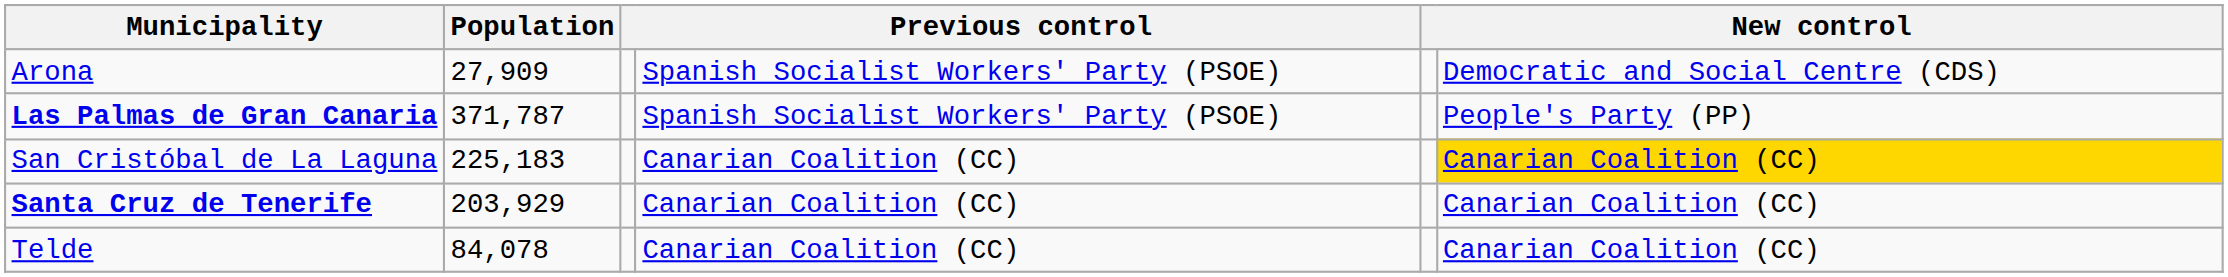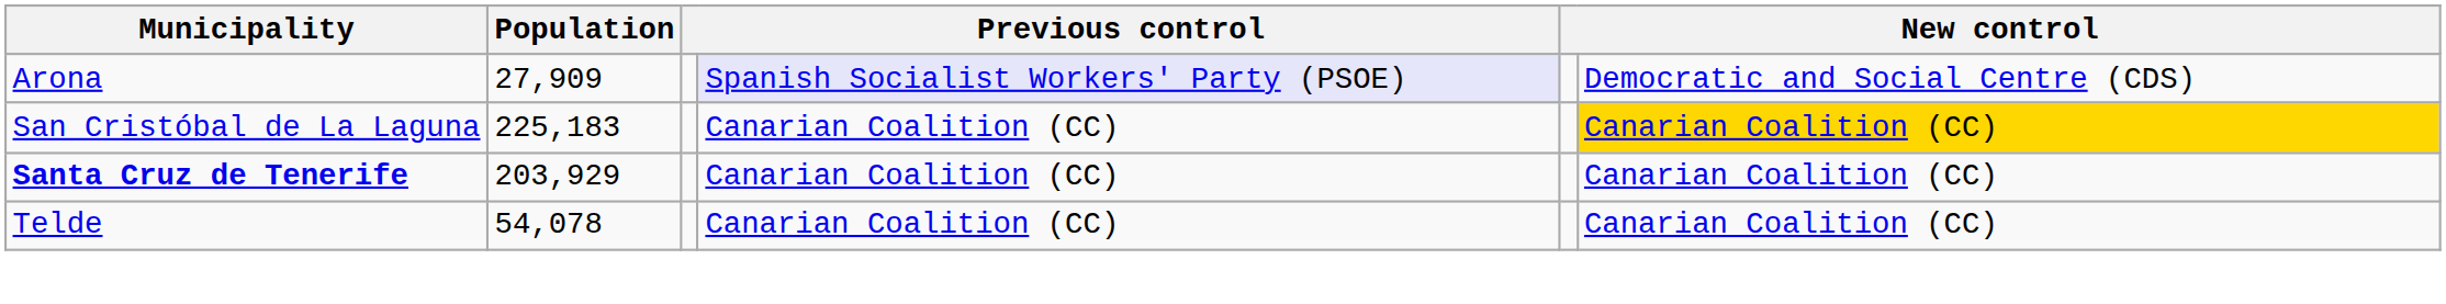 <table class="wikitable sortable">
 <tr>
 <th>Municipality</th>
 <th>Population</th>
 <th colspan="2" style="width:375px;">Previous control</th>
 <th colspan="2" style="width:375px;">New control</th>
 </tr>
 <tr>
 <td><a href='#'>Arona</a></td>
 <td>27,909</td>
 <td width="1" style="color:inherit;background:"></td>
-<td><a href='#'>Spanish Socialist Workers' Party</a> (PSOE)</td>
+<td style="background: lavender;"><a href='#'>Spanish Socialist Workers' Party</a> (PSOE)</td>
 <td width="1" style="color:inherit;background:"></td>
 <td><a href='#'>Democratic and Social Centre</a> (CDS) </td>
-</tr>
-<tr>
-<td><strong><a href='#'>Las Palmas de Gran Canaria</a></strong></td>
-<td>371,787</td>
-<td width="1" style="color:inherit;background:"></td>
-<td><a href='#'>Spanish Socialist Workers' Party</a> (PSOE)</td>
-<td width="1" style="color:inherit;background:"></td>
-<td><a href='#'>People's Party</a> (PP)</td>
 </tr>
 <tr>
 <td><a href='#'>San Cristóbal de La Laguna</a></td>
 <td>225,183</td>
 <td style="color:inherit;background:"></td>
 <td><a href='#'>Canarian Coalition</a> (CC)</td>
 <td style="color:inherit;background:"></td>
 <td style="background: gold;"><a href='#'>Canarian Coalition</a> (CC)</td>
 </tr>
 <tr>
 <td><strong><a href='#'>Santa Cruz de Tenerife</a></strong></td>
 <td>203,929</td>
 <td style="color:inherit;background:"></td>
 <td><a href='#'>Canarian Coalition</a> (CC)</td>
 <td style="color:inherit;background:"></td>
 <td><a href='#'>Canarian Coalition</a> (CC)</td>
 </tr>
 <tr>
 <td><a href='#'>Telde</a></td>
-<td>84,078</td>
+<td>54,078</td>
 <td style="color:inherit;background:"></td>
 <td><a href='#'>Canarian Coalition</a> (CC)</td>
 <td style="color:inherit;background:"></td>
 <td><a href='#'>Canarian Coalition</a> (CC)</td>
 </tr>
 </table>
